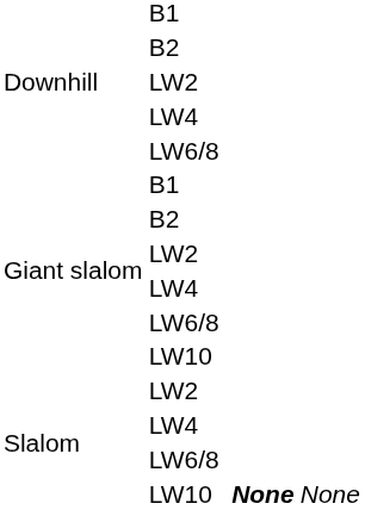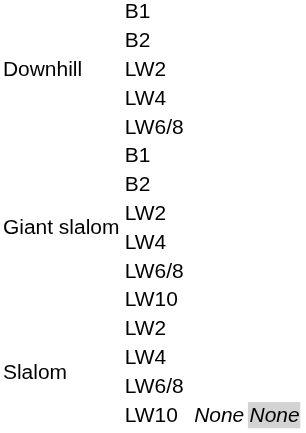 <table>
 <tr>
 <td rowspan="5">Downhill</td>
 <td>B1<br></td>
 <td></td>
 <td></td>
 <td></td>
 </tr>
 <tr>
 <td>B2<br></td>
 <td></td>
 <td></td>
 <td></td>
 </tr>
 <tr>
 <td>LW2<br></td>
 <td></td>
 <td></td>
 <td></td>
 </tr>
 <tr>
 <td>LW4<br></td>
 <td></td>
 <td></td>
 <td></td>
 </tr>
 <tr>
 <td>LW6/8<br></td>
 <td></td>
 <td></td>
 <td></td>
 </tr>
 <tr>
 <td rowspan="6">Giant slalom</td>
 <td>B1<br></td>
 <td></td>
 <td></td>
 <td></td>
 </tr>
 <tr>
 <td>B2<br></td>
 <td></td>
 <td></td>
 <td></td>
 </tr>
 <tr>
 <td>LW2<br></td>
 <td></td>
 <td></td>
 <td></td>
 </tr>
 <tr>
 <td>LW4<br></td>
 <td></td>
 <td></td>
 <td></td>
 </tr>
 <tr>
 <td>LW6/8<br></td>
 <td></td>
 <td></td>
 <td></td>
 </tr>
 <tr>
 <td>LW10<br></td>
 <td></td>
 <td></td>
 <td></td>
 </tr>
 <tr>
 <td rowspan="4">Slalom</td>
 <td>LW2<br></td>
 <td></td>
 <td></td>
 <td></td>
 </tr>
 <tr>
 <td>LW4<br></td>
 <td></td>
 <td></td>
 <td></td>
 </tr>
 <tr>
 <td>LW6/8<br></td>
 <td></td>
 <td></td>
 <td></td>
 </tr>
 <tr>
 <td>LW10<br></td>
 <td></td>
-<td align="center"><strong><em>None</em></strong></td>
 <td align="center"><em>None</em></td>
+<td align="center" style="background: lightgrey;"><em>None</em></td>
 </tr>
 </table>
